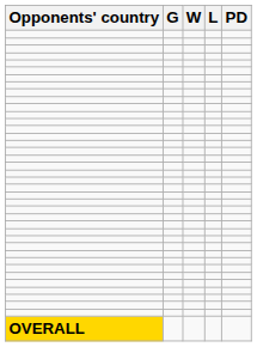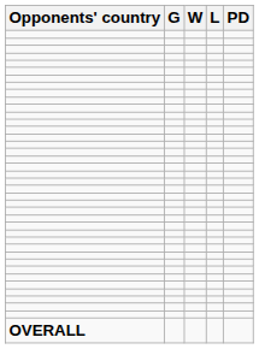 <table class="wikitable sortable">
 <tr>
 <th>Opponents' country</th>
 <th>G</th>
 <th>W</th>
 <th>L</th>
 <th>PD</th>
 </tr>
 <tr>
 <td align=left></td>
 <td></td>
 <td></td>
 <td></td>
 <td></td>
 </tr>
 <tr>
 <td align=left></td>
 <td></td>
 <td></td>
 <td></td>
 <td></td>
 </tr>
 <tr>
 <td align=left></td>
 <td></td>
 <td></td>
 <td></td>
 <td></td>
 </tr>
 <tr>
 <td align=left></td>
 <td></td>
 <td></td>
 <td></td>
 <td></td>
 </tr>
 <tr>
 <td align=left></td>
 <td></td>
 <td></td>
 <td></td>
 <td></td>
 </tr>
 <tr>
 <td align=left></td>
 <td></td>
 <td></td>
 <td></td>
 <td></td>
 </tr>
 <tr>
 <td align=left></td>
 <td></td>
 <td></td>
 <td></td>
 <td></td>
 </tr>
 <tr>
 <td align=left></td>
 <td></td>
 <td></td>
 <td></td>
 <td></td>
 </tr>
 <tr>
 <td align=left></td>
 <td></td>
 <td></td>
 <td></td>
 <td></td>
 </tr>
 <tr>
 <td align=left></td>
 <td></td>
 <td></td>
 <td></td>
 <td></td>
 </tr>
 <tr>
 <td align=left></td>
 <td></td>
 <td></td>
 <td></td>
 <td></td>
 </tr>
 <tr>
 <td align=left></td>
 <td></td>
 <td></td>
 <td></td>
 <td></td>
 </tr>
 <tr>
 <td align=left></td>
 <td></td>
 <td></td>
 <td></td>
 <td></td>
 </tr>
 <tr>
 <td align=left></td>
 <td></td>
 <td></td>
 <td></td>
 <td></td>
 </tr>
 <tr>
 <td align=left></td>
 <td></td>
 <td></td>
 <td></td>
 <td></td>
 </tr>
 <tr>
 <td align=left></td>
 <td></td>
 <td></td>
 <td></td>
 <td></td>
 </tr>
 <tr>
 <td align=left></td>
 <td></td>
 <td></td>
 <td></td>
 <td></td>
 </tr>
 <tr>
 <td align=left></td>
 <td></td>
 <td></td>
 <td></td>
 <td></td>
 </tr>
 <tr>
 <td align=left></td>
 <td></td>
 <td></td>
 <td></td>
 <td></td>
 </tr>
 <tr>
 <td align=left></td>
 <td></td>
 <td></td>
 <td></td>
 <td></td>
 </tr>
 <tr>
 <td align=left></td>
 <td></td>
 <td></td>
 <td></td>
 <td></td>
 </tr>
 <tr>
 <td align=left></td>
 <td></td>
 <td></td>
 <td></td>
 <td></td>
 </tr>
 <tr>
 <td align=left></td>
 <td></td>
 <td></td>
 <td></td>
 <td></td>
 </tr>
 <tr>
 <td align=left></td>
 <td></td>
 <td></td>
 <td></td>
 <td></td>
 </tr>
 <tr>
 <td align=left></td>
 <td></td>
 <td></td>
 <td></td>
 <td></td>
 </tr>
 <tr>
 <td align=left></td>
 <td></td>
 <td></td>
 <td></td>
 <td></td>
 </tr>
 <tr>
 <td align=left></td>
 <td></td>
 <td></td>
 <td></td>
 <td></td>
 </tr>
 <tr>
 <td align=left></td>
 <td></td>
 <td></td>
 <td></td>
 <td></td>
 </tr>
 <tr>
 <td align=left></td>
 <td></td>
 <td></td>
 <td></td>
 <td></td>
 </tr>
 <tr>
 <td align=left></td>
 <td></td>
 <td></td>
 <td></td>
 <td></td>
 </tr>
 <tr>
 <td align=left></td>
 <td></td>
 <td></td>
 <td></td>
 <td></td>
 </tr>
 <tr>
 <td align=left></td>
 <td></td>
 <td></td>
 <td></td>
 <td></td>
 </tr>
 <tr>
 <td align=left></td>
 <td></td>
 <td></td>
 <td></td>
 <td></td>
 </tr>
 <tr>
 <td align=left></td>
 <td></td>
 <td></td>
 <td></td>
 <td></td>
 </tr>
 <tr>
 <td align=left></td>
 <td></td>
 <td></td>
 <td></td>
 <td></td>
 </tr>
 <tr>
 <td align=left></td>
 <td></td>
 <td></td>
 <td></td>
 <td></td>
 </tr>
 <tr>
 <td align=left></td>
 <td></td>
 <td></td>
 <td></td>
 <td></td>
 </tr>
 <tr>
 <td align=left></td>
 <td></td>
 <td></td>
 <td></td>
 <td></td>
 </tr>
 <tr>
 <td align=left></td>
 <td></td>
 <td></td>
 <td></td>
 <td></td>
 </tr>
 <tr>
-<td align=left style="background: gold;"><strong>OVERALL</strong></td>
+<td align=left><strong>OVERALL</strong></td>
 <td></td>
 <td></td>
 <td></td>
 <td></td>
 </tr>
 </table>
